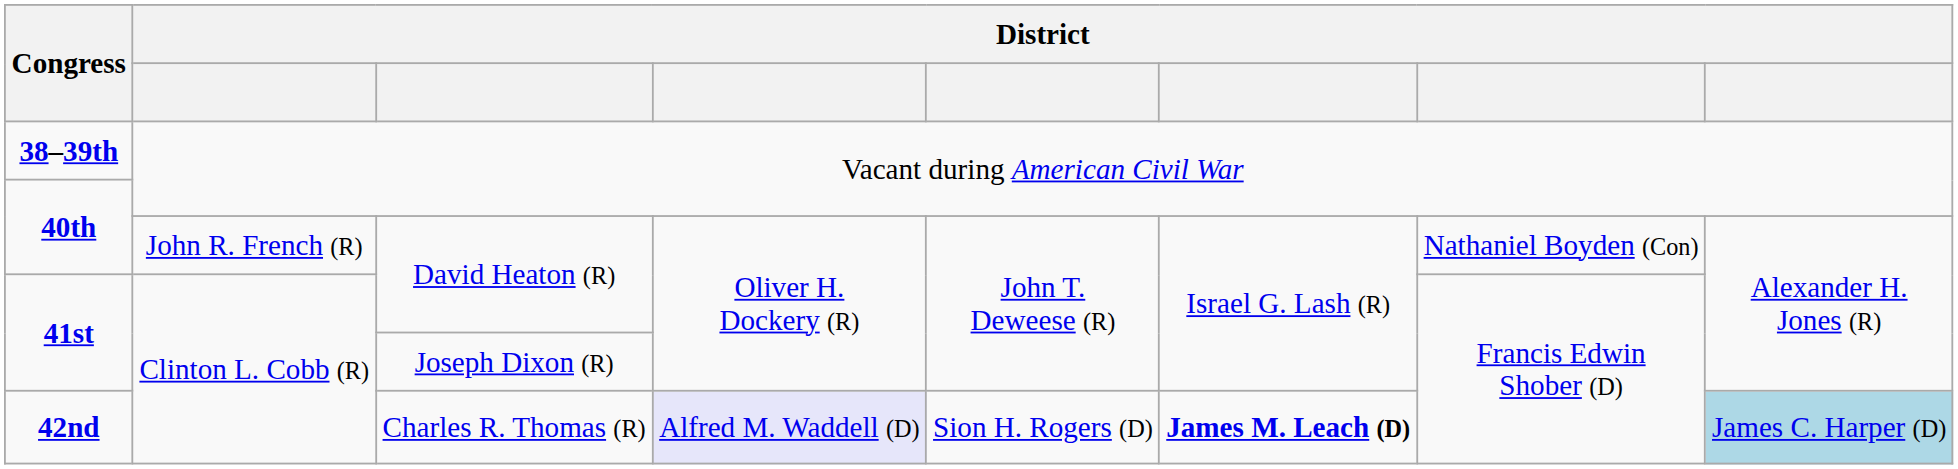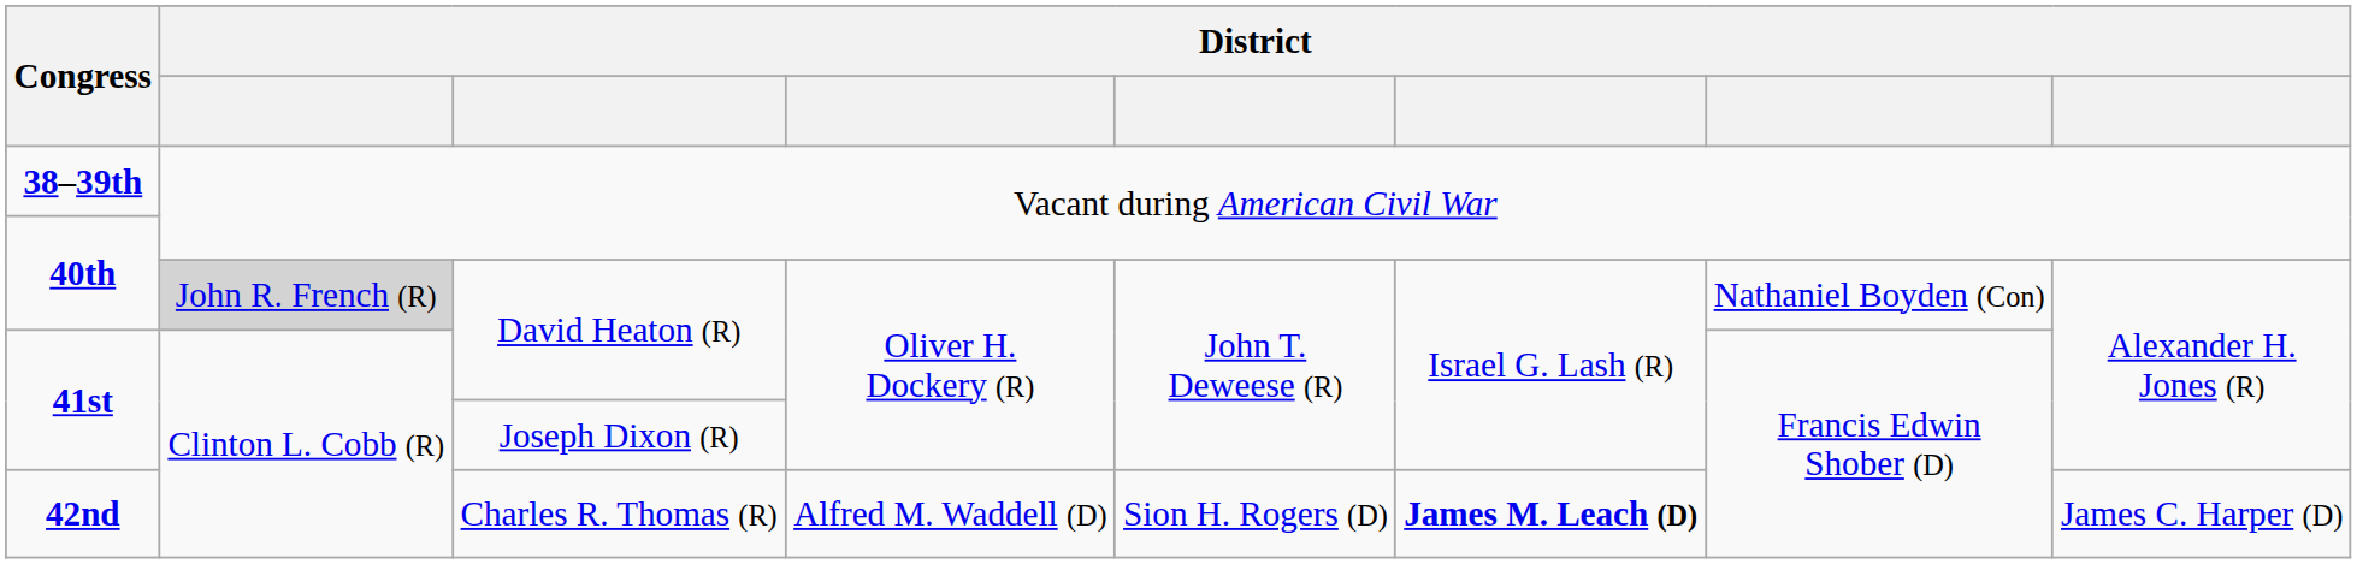 <table class=wikitable style="text-align:center">
 <tr style="height:2em">
 <th rowspan=2>Congress</th>
 <th colspan=7>District</th>
 </tr>
 <tr style="height:2em">
 <th></th>
 <th></th>
 <th></th>
 <th></th>
 <th></th>
 <th></th>
 <th></th>
 </tr>
 <tr style="height:2em">
 <td><strong><a href='#'>38</a>–<a href='#'>39th</a></strong><br></td>
 <td rowspan=2 colspan=7>Vacant during <em><a href='#'>American Civil War</a></em></td>
 </tr>
 <tr style="height:1.25em">
 <td rowspan=2><strong><a href='#'>40th</a></strong> </td>
 </tr>
 <tr style="height:2em">
-<td><a href='#'>John R. French</a> <small>(R)</small></td>
+<td style="background: lightgrey;"><a href='#'>John R. French</a> <small>(R)</small></td>
 <td rowspan=2 ><a href='#'>David Heaton</a> <small>(R)</small></td>
 <td rowspan=3 ><a href='#'>Oliver H.<br>Dockery</a> <small>(R)</small></td>
 <td rowspan=3 ><a href='#'>John T.<br>Deweese</a> <small>(R)</small></td>
 <td rowspan=3 ><a href='#'>Israel G. Lash</a> <small>(R)</small></td>
 <td><a href='#'>Nathaniel Boyden</a> <small>(Con)</small></td>
 <td rowspan=3 ><a href='#'>Alexander H.<br>Jones</a> <small>(R)</small></td>
 </tr>
 <tr style="height:2em">
 <td rowspan=2><strong><a href='#'>41st</a></strong> </td>
 <td rowspan=3 ><a href='#'>Clinton L. Cobb</a> <small>(R)</small></td>
 <td rowspan=3 ><a href='#'>Francis Edwin<br>Shober</a> <small>(D)</small></td>
 </tr>
 <tr style="height:2em">
 <td><a href='#'>Joseph Dixon</a> <small>(R)</small></td>
 </tr>
 <tr style="height:2.5em">
 <td><strong><a href='#'>42nd</a></strong> </td>
 <td><a href='#'>Charles R. Thomas</a> <small>(R)</small></td>
-<td style="background: lavender;"><a href='#'>Alfred M. Waddell</a> <small>(D)</small></td>
+<td><a href='#'>Alfred M. Waddell</a> <small>(D)</small></td>
 <td><a href='#'>Sion H. Rogers</a> <small>(D)</small></td>
 <td><strong><a href='#'>James M. Leach</a> <small>(D)</small></strong></td>
-<td style="background: lightblue;"><a href='#'>James C. Harper</a> <small>(D)</small></td>
+<td><a href='#'>James C. Harper</a> <small>(D)</small></td>
 </tr>
 </table>
